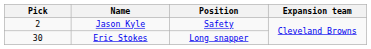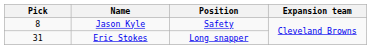 <table class="wikitable" style="text-align:center">
 <tr>
 <th width=100px>Pick</th>
 <th width=150px>Name</th>
 <th width=150px>Position</th>
 <th width=150px>Expansion team</th>
 </tr>
 <tr>
-<td>2</td>
+<td>8</td>
 <td><a href='#'>Jason Kyle</a></td>
 <td><a href='#'>Safety</a></td>
 <td rowspan="2"><a href='#'>Cleveland Browns</a></td>
 </tr>
 <tr>
-<td>30</td>
+<td>31</td>
 <td><a href='#'>Eric Stokes</a></td>
 <td><a href='#'>Long snapper</a></td>
 </tr>
 </table>
